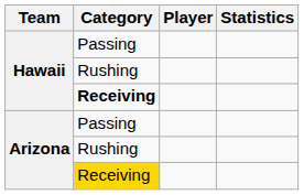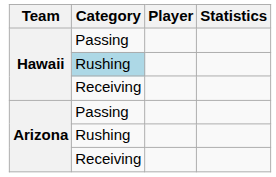 <table class="wikitable" style="float:right">
 <tr>
 <th>Team</th>
 <th>Category</th>
 <th>Player</th>
 <th>Statistics</th>
 </tr>
 <tr>
 <th rowspan=3>Hawaii</th>
 <td>Passing</td>
 <td></td>
 <td></td>
 </tr>
 <tr>
-<td>Rushing</td>
+<td style="background: lightblue;">Rushing</td>
 <td></td>
 <td></td>
 </tr>
 <tr>
-<td><strong>Receiving</strong></td>
+<td>Receiving</td>
 <td></td>
 <td></td>
 </tr>
 <tr>
 <th rowspan=3>Arizona</th>
 <td>Passing</td>
 <td></td>
 <td></td>
 </tr>
 <tr>
 <td>Rushing</td>
 <td></td>
 <td></td>
 </tr>
 <tr>
-<td style="background: gold;">Receiving</td>
+<td>Receiving</td>
 <td></td>
 <td></td>
 </tr>
 </table>
